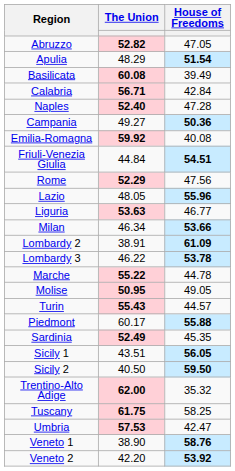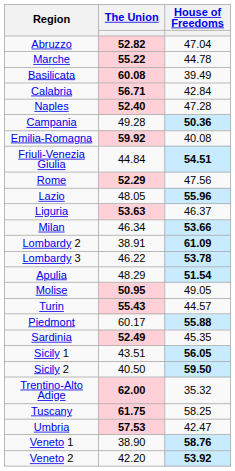 <table class="wikitable" style="text-align:center; font-size:85%; line-height:13px">
 <tr style="height:30px; background-color:#E9E9E9">
 <th style="width:110px;" rowspan="2">Region</th>
 <th style="width:75px;"><a href='#'>The Union</a></th>
 <th style="width:75px;"><a href='#'>House of Freedoms</a></th>
 </tr>
 <tr>
 <th style="background:"></th>
 <th style="background:"></th>
 </tr>
 <tr>
 <td><a href='#'>Abruzzo</a></td>
 <td style="background:#FFD0D7"><strong>52.82</strong></td>
-<td>47.05</td>
+<td>47.04</td>
 </tr>
 <tr>
-<td><a href='#'>Apulia</a></td>
-<td>48.29</td>
-<td style="background:#C8EBFF"><strong>51.54</strong></td>
+<td><a href='#'>Marche</a></td>
+<td style="background:#FFD0D7"><strong>55.22</strong></td>
+<td>44.78</td>
 </tr>
 <tr>
 <td><a href='#'>Basilicata</a></td>
 <td style="background:#FFD0D7"><strong>60.08</strong></td>
 <td>39.49</td>
 </tr>
 <tr>
 <td><a href='#'>Calabria</a></td>
 <td style="background:#FFD0D7"><strong>56.71</strong></td>
 <td>42.84</td>
 </tr>
 <tr>
 <td><a href='#'>Naples</a></td>
 <td style="background:#FFD0D7"><strong>52.40</strong></td>
 <td>47.28</td>
 </tr>
 <tr>
 <td><a href='#'>Campania</a></td>
-<td>49.27</td>
+<td>49.28</td>
 <td style="background:#C8EBFF"><strong>50.36</strong></td>
 </tr>
 <tr>
 <td><a href='#'>Emilia-Romagna</a></td>
 <td style="background:#FFD0D7"><strong>59.92</strong></td>
 <td>40.08</td>
 </tr>
 <tr>
 <td><a href='#'>Friuli-Venezia Giulia</a></td>
 <td>44.84</td>
 <td style="background:#C8EBFF"><strong>54.51</strong></td>
 </tr>
 <tr>
 <td><a href='#'>Rome</a></td>
 <td style="background:#FFD0D7"><strong>52.29</strong></td>
 <td>47.56</td>
 </tr>
 <tr>
 <td><a href='#'>Lazio</a></td>
 <td>48.05</td>
 <td style="background:#C8EBFF"><strong>55.96</strong></td>
 </tr>
 <tr>
 <td><a href='#'>Liguria</a></td>
 <td style="background:#FFD0D7"><strong>53.63</strong></td>
-<td>46.77</td>
+<td>46.37</td>
 </tr>
 <tr>
 <td><a href='#'>Milan</a></td>
 <td>46.34</td>
 <td style="background:#C8EBFF"><strong>53.66</strong></td>
 </tr>
 <tr>
 <td><a href='#'>Lombardy</a> 2</td>
 <td>38.91</td>
 <td style="background:#C8EBFF"><strong>61.09</strong></td>
 </tr>
 <tr>
 <td><a href='#'>Lombardy</a> 3</td>
 <td>46.22</td>
 <td style="background:#C8EBFF"><strong>53.78</strong></td>
 </tr>
 <tr>
-<td><a href='#'>Marche</a></td>
-<td style="background:#FFD0D7"><strong>55.22</strong></td>
-<td>44.78</td>
+<td><a href='#'>Apulia</a></td>
+<td>48.29</td>
+<td style="background:#C8EBFF"><strong>51.54</strong></td>
 </tr>
 <tr>
 <td><a href='#'>Molise</a></td>
 <td style="background:#FFD0D7"><strong>50.95</strong></td>
 <td>49.05</td>
 </tr>
 <tr>
 <td><a href='#'>Turin</a></td>
 <td style="background:#FFD0D7"><strong>55.43</strong></td>
 <td>44.57</td>
 </tr>
 <tr>
 <td><a href='#'>Piedmont</a></td>
 <td>60.17</td>
 <td style="background:#C8EBFF"><strong>55.88</strong></td>
 </tr>
 <tr>
 <td><a href='#'>Sardinia</a></td>
 <td style="background:#FFD0D7"><strong>52.49</strong></td>
 <td>45.35</td>
 </tr>
 <tr>
 <td><a href='#'>Sicily</a> 1</td>
 <td>43.51</td>
 <td style="background:#C8EBFF"><strong>56.05</strong></td>
 </tr>
 <tr>
 <td><a href='#'>Sicily</a> 2</td>
 <td>40.50</td>
 <td style="background:#C8EBFF"><strong>59.50</strong></td>
 </tr>
 <tr>
 <td><a href='#'>Trentino-Alto Adige</a></td>
 <td style="background:#FFD0D7"><strong>62.00</strong></td>
 <td>35.32</td>
 </tr>
 <tr>
 <td><a href='#'>Tuscany</a></td>
 <td style="background:#FFD0D7"><strong>61.75</strong></td>
 <td>58.25</td>
 </tr>
 <tr>
 <td><a href='#'>Umbria</a></td>
 <td style="background:#FFD0D7"><strong>57.53</strong></td>
 <td>42.47</td>
 </tr>
 <tr>
 <td><a href='#'>Veneto</a> 1</td>
 <td>38.90</td>
 <td style="background:#C8EBFF"><strong>58.76</strong></td>
 </tr>
 <tr>
 <td><a href='#'>Veneto</a> 2</td>
 <td>42.20</td>
 <td style="background:#C8EBFF"><strong>53.92</strong></td>
 </tr>
 </table>
